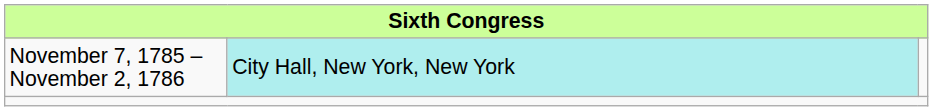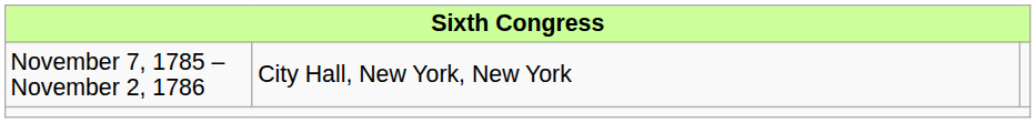 <table class=wikitable>
 <tr>
 <th colspan=3 style="background:#ccff99;">Sixth Congress</th>
 </tr>
 <tr>
 <td style="width: 10em;">November 7, 1785 –November 2, 1786</td>
-<td style="background: paleturquoise; width: 32em;">City Hall, New York, New York</td>
+<td style="width: 32em;">City Hall, New York, New York</td>
 <td></td>
 </tr>
 <tr>
 <td colspan=3></td>
 </tr>
 </table>
